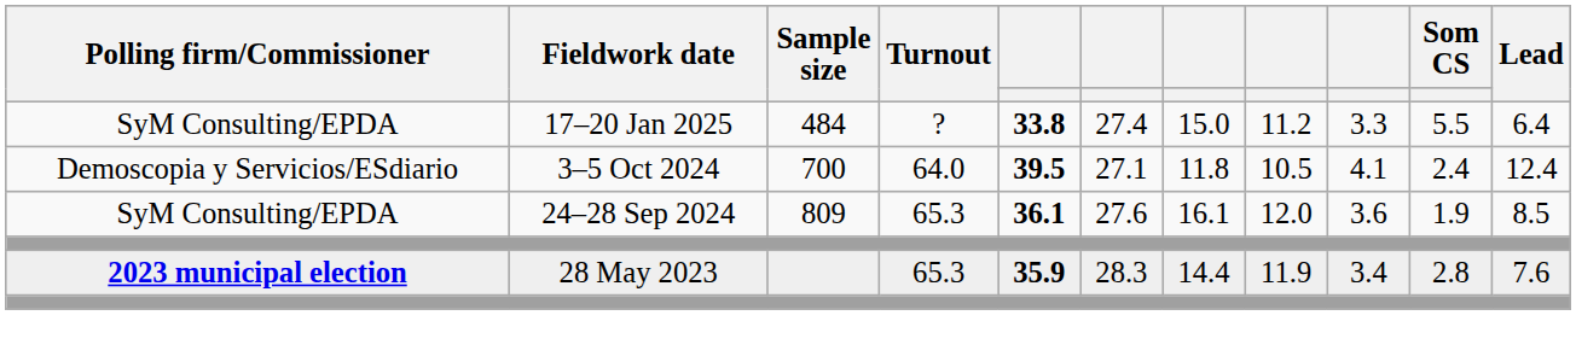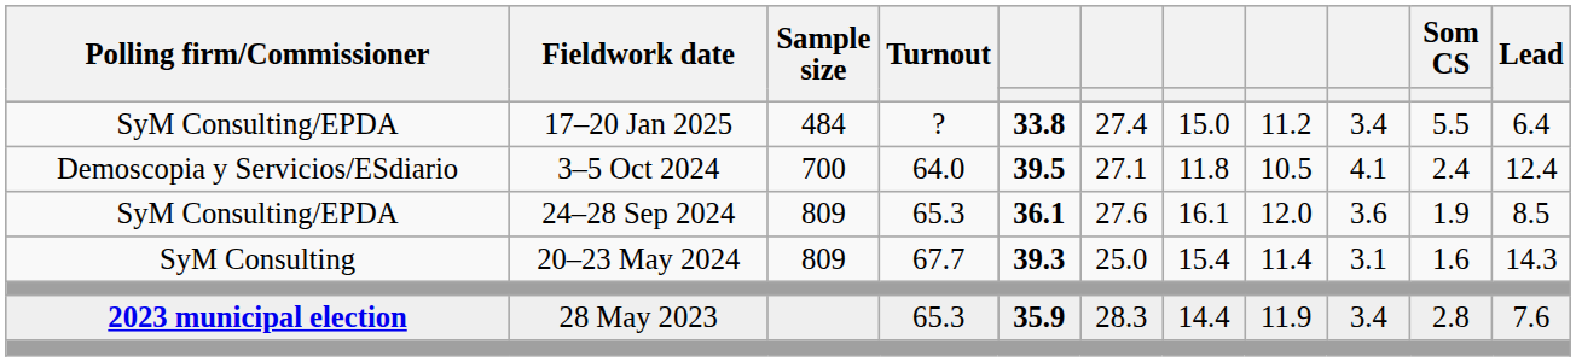 <table class="wikitable collapsible collapsed" style="text-align:center; font-size:95%; line-height:16px;">
 <tr style="height:42px;">
 <th style="width:250px;" rowspan="2">Polling firm/Commissioner</th>
 <th style="width:125px;" rowspan="2">Fieldwork date</th>
 <th style="width:50px;" rowspan="2">Sample size</th>
 <th style="width:45px;" rowspan="2">Turnout</th>
 <th style="width:35px;"></th>
 <th style="width:35px;"></th>
 <th style="width:35px;"></th>
 <th style="width:35px;"></th>
 <th style="width:35px;"></th>
 <th style="width:35px;">Som<br>CS</th>
 <th style="width:30px;" rowspan="2">Lead</th>
 </tr>
 <tr>
 <th style="color:inherit;background:"></th>
 <th style="color:inherit;background:"></th>
 <th style="color:inherit;background:"></th>
 <th style="color:inherit;background:"></th>
 <th style="color:inherit;background:"></th>
 <th style="color:inherit;background:"></th>
 </tr>
 <tr>
 <td>SyM Consulting/EPDA</td>
 <td>17–20 Jan 2025</td>
 <td>484</td>
 <td>?</td>
 <td><strong>33.8</strong><br></td>
 <td>27.4<br></td>
 <td>15.0<br></td>
 <td>11.2<br></td>
-<td>3.3<br></td>
+<td>3.4<br></td>
 <td>5.5<br></td>
 <td style="background:">6.4</td>
 </tr>
 <tr>
 <td>Demoscopia y Servicios/ESdiario</td>
 <td>3–5 Oct 2024</td>
 <td>700</td>
 <td>64.0</td>
 <td><strong>39.5</strong><br></td>
 <td>27.1<br></td>
 <td>11.8<br></td>
 <td>10.5<br></td>
 <td>4.1<br></td>
 <td>2.4<br></td>
 <td style="background:">12.4</td>
 </tr>
 <tr>
 <td>SyM Consulting/EPDA</td>
 <td>24–28 Sep 2024</td>
 <td>809</td>
 <td>65.3</td>
 <td><strong>36.1</strong><br></td>
 <td>27.6<br></td>
 <td>16.1<br></td>
 <td>12.0<br></td>
 <td>3.6<br></td>
 <td>1.9<br></td>
 <td style="background:">8.5</td>
 </tr>
 <tr>
+<td>SyM Consulting</td>
+<td>20–23 May 2024</td>
+<td>809</td>
+<td>67.7</td>
+<td><strong>39.3</strong><br></td>
+<td>25.0<br></td>
+<td>15.4<br></td>
+<td>11.4<br></td>
+<td>3.1<br></td>
+<td>1.6<br></td>
+<td style="background:">14.3</td>
+</tr>
+<tr>
 <td colspan="11" style="background:#A0A0A0"></td>
 </tr>
 <tr style="background:#EFEFEF;">
 <td><strong><a href='#'>2023 municipal election</a></strong></td>
 <td>28 May 2023</td>
 <td></td>
 <td>65.3</td>
 <td><strong>35.9</strong><br></td>
 <td>28.3<br></td>
 <td>14.4<br></td>
 <td>11.9<br></td>
 <td>3.4<br></td>
 <td>2.8<br></td>
 <td style="background:">7.6</td>
 </tr>
 <tr>
 <td colspan="11" style="background:#A0A0A0"></td>
 </tr>
 </table>
